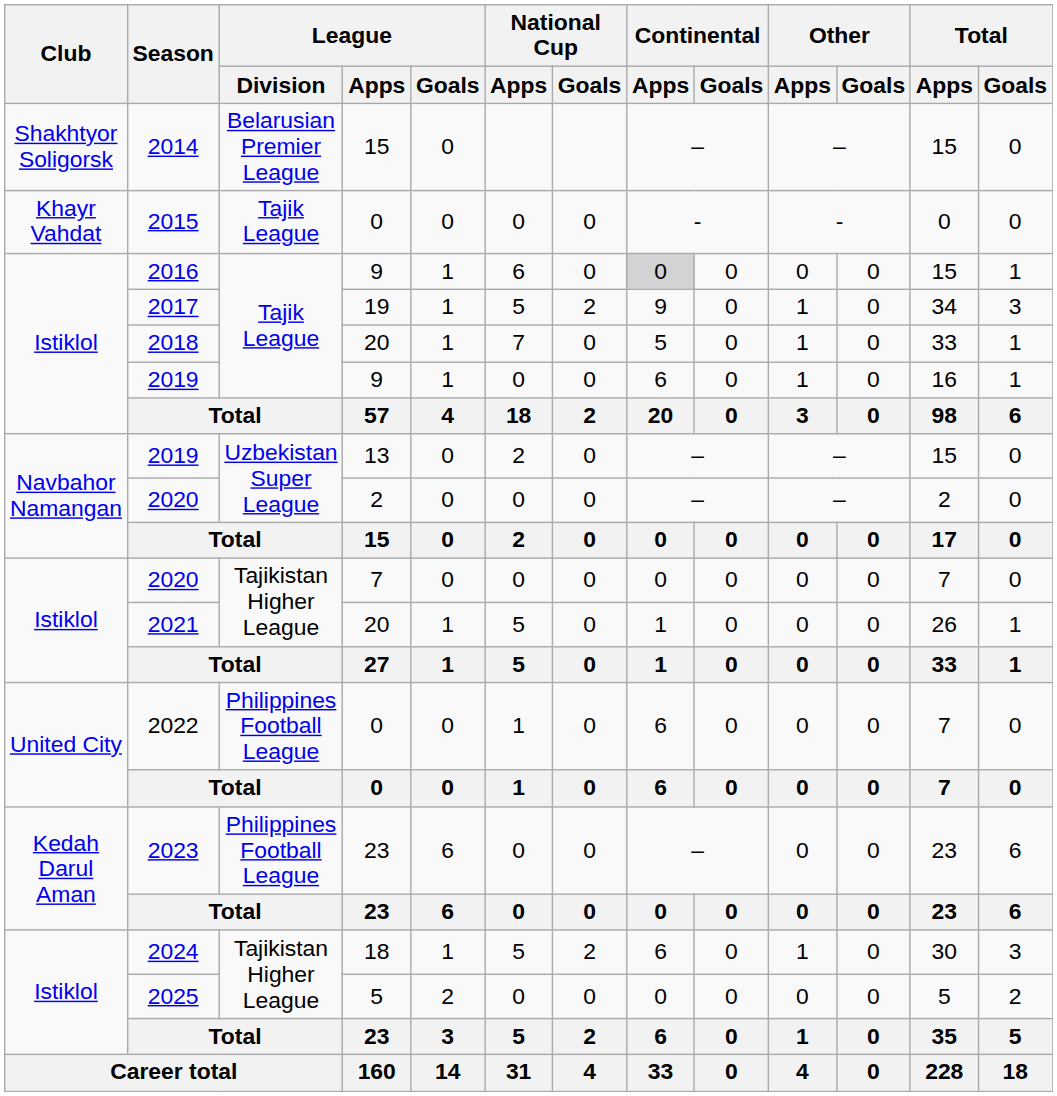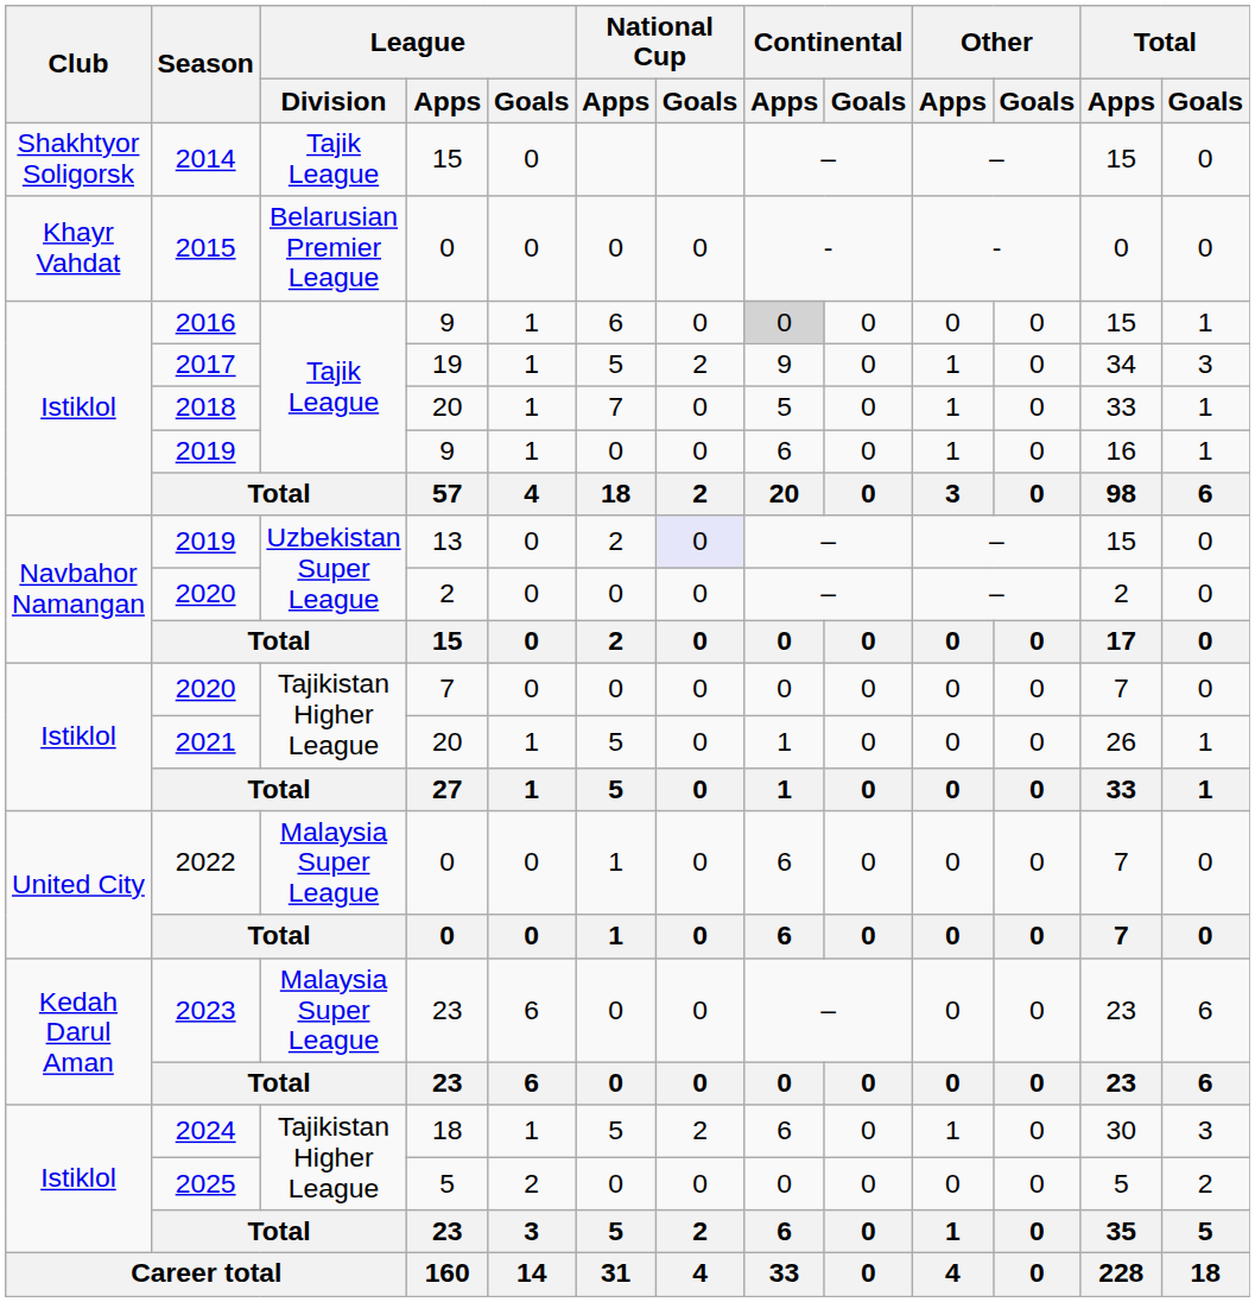 <table class="wikitable" style="text-align: center;">
 <tr>
 <th rowspan="2">Club</th>
 <th rowspan="2">Season</th>
 <th colspan="3">League</th>
 <th colspan="2">National Cup</th>
 <th colspan="2">Continental</th>
 <th colspan="2">Other</th>
 <th colspan="2">Total</th>
 </tr>
 <tr>
 <th>Division</th>
 <th>Apps</th>
 <th>Goals</th>
 <th>Apps</th>
 <th>Goals</th>
 <th>Apps</th>
 <th>Goals</th>
 <th>Apps</th>
 <th>Goals</th>
 <th>Apps</th>
 <th>Goals</th>
 </tr>
 <tr>
 <td rowspan="1" valign="center"><a href='#'>Shakhtyor Soligorsk</a></td>
 <td><a href='#'>2014</a></td>
-<td rowspan="1" valign="center"><a href='#'>Belarusian Premier League</a></td>
+<td rowspan="1" valign="center"><a href='#'>Tajik League</a></td>
 <td>15</td>
 <td>0</td>
 <td></td>
 <td></td>
 <td colspan="2">–</td>
 <td colspan="2">–</td>
 <td>15</td>
 <td>0</td>
 </tr>
 <tr>
 <td rowspan="1" valign="center"><a href='#'>Khayr Vahdat</a></td>
 <td><a href='#'>2015</a></td>
-<td rowspan="1" valign="center"><a href='#'>Tajik League</a></td>
+<td rowspan="1" valign="center"><a href='#'>Belarusian Premier League</a></td>
 <td>0</td>
 <td>0</td>
 <td>0</td>
 <td>0</td>
 <td colspan="2">-</td>
 <td colspan="2">-</td>
 <td>0</td>
 <td>0</td>
 </tr>
 <tr>
 <td rowspan="5" valign="center"><a href='#'>Istiklol</a></td>
 <td><a href='#'>2016</a></td>
 <td rowspan="4" valign="center"><a href='#'>Tajik League</a></td>
 <td>9</td>
 <td>1</td>
 <td>6</td>
 <td>0</td>
 <td style="background: lightgrey;">0</td>
 <td>0</td>
 <td>0</td>
 <td>0</td>
 <td>15</td>
 <td>1</td>
 </tr>
 <tr>
 <td><a href='#'>2017</a></td>
 <td>19</td>
 <td>1</td>
 <td>5</td>
 <td>2</td>
 <td>9</td>
 <td>0</td>
 <td>1</td>
 <td>0</td>
 <td>34</td>
 <td>3</td>
 </tr>
 <tr>
 <td><a href='#'>2018</a></td>
 <td>20</td>
 <td>1</td>
 <td>7</td>
 <td>0</td>
 <td>5</td>
 <td>0</td>
 <td>1</td>
 <td>0</td>
 <td>33</td>
 <td>1</td>
 </tr>
 <tr>
 <td><a href='#'>2019</a></td>
 <td>9</td>
 <td>1</td>
 <td>0</td>
 <td>0</td>
 <td>6</td>
 <td>0</td>
 <td>1</td>
 <td>0</td>
 <td>16</td>
 <td>1</td>
 </tr>
 <tr>
 <th colspan="2">Total</th>
 <th>57</th>
 <th>4</th>
 <th>18</th>
 <th>2</th>
 <th>20</th>
 <th>0</th>
 <th>3</th>
 <th>0</th>
 <th>98</th>
 <th>6</th>
 </tr>
 <tr>
 <td rowspan="3" valign="center"><a href='#'>Navbahor Namangan</a></td>
 <td><a href='#'>2019</a></td>
 <td rowspan="2" valign="center"><a href='#'>Uzbekistan Super League</a></td>
 <td>13</td>
 <td>0</td>
 <td>2</td>
-<td>0</td>
+<td style="background: lavender;">0</td>
 <td colspan="2">–</td>
 <td colspan="2">–</td>
 <td>15</td>
 <td>0</td>
 </tr>
 <tr>
 <td><a href='#'>2020</a></td>
 <td>2</td>
 <td>0</td>
 <td>0</td>
 <td>0</td>
 <td colspan="2">–</td>
 <td colspan="2">–</td>
 <td>2</td>
 <td>0</td>
 </tr>
 <tr>
 <th colspan="2">Total</th>
 <th>15</th>
 <th>0</th>
 <th>2</th>
 <th>0</th>
 <th>0</th>
 <th>0</th>
 <th>0</th>
 <th>0</th>
 <th>17</th>
 <th>0</th>
 </tr>
 <tr>
 <td rowspan="3" valign="center"><a href='#'>Istiklol</a></td>
 <td><a href='#'>2020</a></td>
 <td rowspan="2" valign="center">Tajikistan Higher League</td>
 <td>7</td>
 <td>0</td>
 <td>0</td>
 <td>0</td>
 <td>0</td>
 <td>0</td>
 <td>0</td>
 <td>0</td>
 <td>7</td>
 <td>0</td>
 </tr>
 <tr>
 <td><a href='#'>2021</a></td>
 <td>20</td>
 <td>1</td>
 <td>5</td>
 <td>0</td>
 <td>1</td>
 <td>0</td>
 <td>0</td>
 <td>0</td>
 <td>26</td>
 <td>1</td>
 </tr>
 <tr>
 <th colspan="2">Total</th>
 <th>27</th>
 <th>1</th>
 <th>5</th>
 <th>0</th>
 <th>1</th>
 <th>0</th>
 <th>0</th>
 <th>0</th>
 <th>33</th>
 <th>1</th>
 </tr>
 <tr>
 <td rowspan="2" valign="center"><a href='#'>United City</a></td>
 <td>2022</td>
-<td valign="center"><a href='#'>Philippines Football League</a></td>
+<td valign="center"><a href='#'>Malaysia Super League</a></td>
 <td>0</td>
 <td>0</td>
 <td>1</td>
 <td>0</td>
 <td>6</td>
 <td>0</td>
 <td>0</td>
 <td>0</td>
 <td>7</td>
 <td>0</td>
 </tr>
 <tr>
 <th colspan="2">Total</th>
 <th>0</th>
 <th>0</th>
 <th>1</th>
 <th>0</th>
 <th>6</th>
 <th>0</th>
 <th>0</th>
 <th>0</th>
 <th>7</th>
 <th>0</th>
 </tr>
 <tr>
 <td rowspan="2" valign="center"><a href='#'>Kedah Darul Aman</a></td>
 <td><a href='#'>2023</a></td>
-<td valign="center"><a href='#'>Philippines Football League</a></td>
+<td valign="center"><a href='#'>Malaysia Super League</a></td>
 <td>23</td>
 <td>6</td>
 <td>0</td>
 <td>0</td>
 <td colspan="2">–</td>
 <td 0>0</td>
 <td>0</td>
 <td>23</td>
 <td>6</td>
 </tr>
 <tr>
 <th colspan="2">Total</th>
 <th>23</th>
 <th>6</th>
 <th>0</th>
 <th>0</th>
 <th>0</th>
 <th>0</th>
 <th>0</th>
 <th>0</th>
 <th>23</th>
 <th>6</th>
 </tr>
 <tr>
 <td rowspan="3" valign="center"><a href='#'>Istiklol</a></td>
 <td><a href='#'>2024</a></td>
 <td rowspan="2" valign="center">Tajikistan Higher League</td>
 <td>18</td>
 <td>1</td>
 <td>5</td>
 <td>2</td>
 <td>6</td>
 <td>0</td>
 <td>1</td>
 <td>0</td>
 <td>30</td>
 <td>3</td>
 </tr>
 <tr>
 <td><a href='#'>2025</a></td>
 <td>5</td>
 <td>2</td>
 <td>0</td>
 <td>0</td>
 <td>0</td>
 <td>0</td>
 <td>0</td>
 <td>0</td>
 <td>5</td>
 <td>2</td>
 </tr>
 <tr>
 <th colspan="2">Total</th>
 <th>23</th>
 <th>3</th>
 <th>5</th>
 <th>2</th>
 <th>6</th>
 <th>0</th>
 <th>1</th>
 <th>0</th>
 <th>35</th>
 <th>5</th>
 </tr>
 <tr>
 <th colspan="3">Career total</th>
 <th>160</th>
 <th>14</th>
 <th>31</th>
 <th>4</th>
 <th>33</th>
 <th>0</th>
 <th>4</th>
 <th>0</th>
 <th>228</th>
 <th>18</th>
 </tr>
 </table>
